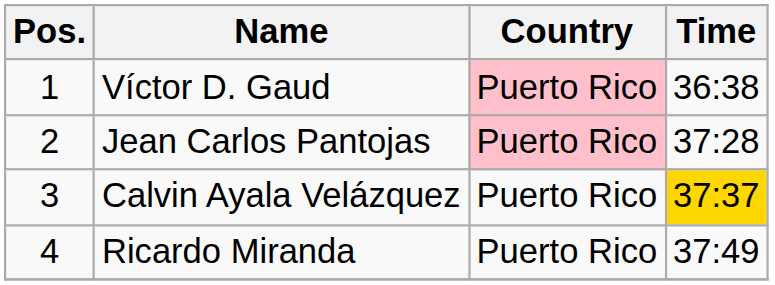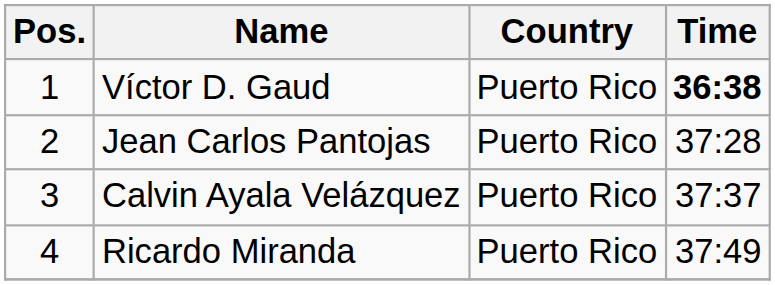 <table class="wikitable sortable">
 <tr>
 <th>Pos.</th>
 <th>Name</th>
 <th>Country</th>
 <th>Time</th>
 </tr>
 <tr>
 <td align="center">1</td>
 <td>Víctor D. Gaud</td>
-<td style="background: pink;">Puerto Rico</td>
-<td align="right">36:38</td>
+<td>Puerto Rico</td>
+<td align="right"><strong>36:38</strong></td>
 </tr>
 <tr>
 <td align="center">2</td>
 <td>Jean Carlos Pantojas</td>
-<td style="background: pink;">Puerto Rico</td>
+<td>Puerto Rico</td>
 <td align="right">37:28</td>
 </tr>
 <tr>
 <td align="center">3</td>
 <td>Calvin Ayala Velázquez</td>
 <td>Puerto Rico</td>
-<td align="right" style="background: gold;">37:37</td>
+<td align="right">37:37</td>
 </tr>
 <tr>
 <td align="center">4</td>
 <td>Ricardo Miranda</td>
 <td>Puerto Rico</td>
 <td align="right">37:49</td>
 </tr>
 <tr>
 </tr>
 </table>
